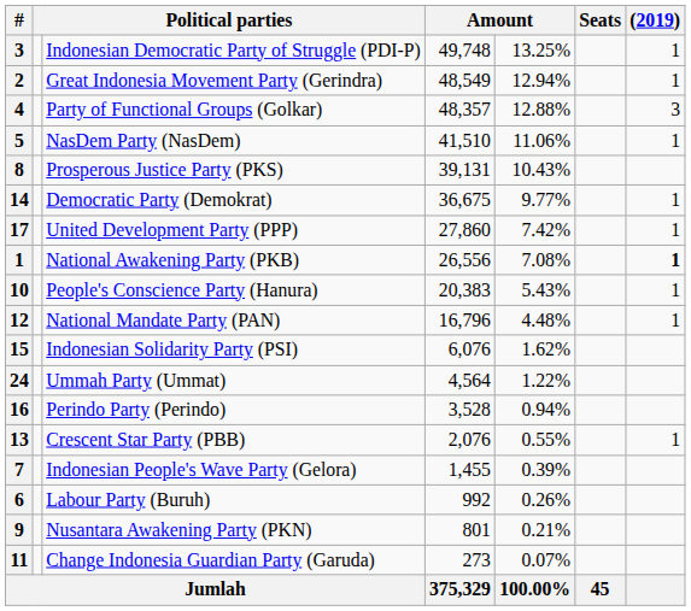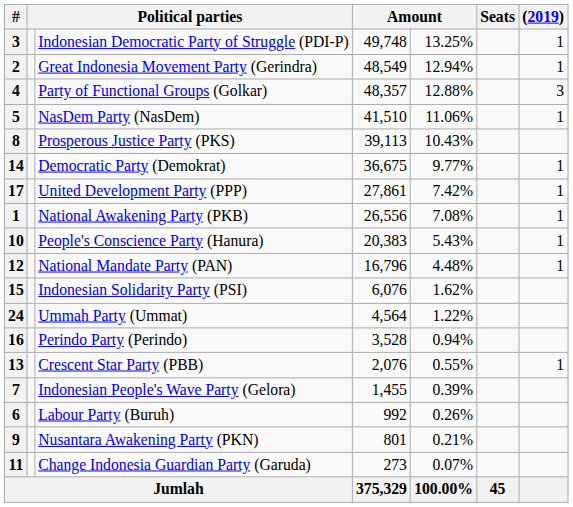 <table class="wikitable sortable">
 <tr>
 <th>#</th>
 <th colspan="2">Political parties</th>
 <th colspan="2">Amount</th>
 <th>Seats</th>
 <th> (<a href='#'>2019</a>)</th>
 </tr>
 <tr>
 <th>3</th>
 <td></td>
 <td><a href='#'>Indonesian Democratic Party of Struggle</a> (PDI-P)</td>
 <td align="right">49,748</td>
 <td align="right">13.25%</td>
 <td></td>
 <td align="right"> 1</td>
 </tr>
 <tr>
 <th>2</th>
 <td></td>
 <td><a href='#'>Great Indonesia Movement Party</a> (Gerindra)</td>
 <td align="right">48,549</td>
 <td align="right">12.94%</td>
 <td></td>
 <td align="right"> 1</td>
 </tr>
 <tr>
 <th>4</th>
 <td></td>
 <td><a href='#'>Party of Functional Groups</a> (Golkar)</td>
 <td align="right">48,357</td>
 <td align="right">12.88%</td>
 <td></td>
 <td align="right"> 3</td>
 </tr>
 <tr>
 <th>5</th>
 <td></td>
 <td><a href='#'>NasDem Party</a> (NasDem)</td>
 <td align="right">41,510</td>
 <td align="right">11.06%</td>
 <td></td>
 <td align="right"> 1</td>
 </tr>
 <tr>
 <th>8</th>
 <td></td>
 <td><a href='#'>Prosperous Justice Party</a> (PKS)</td>
-<td align="right">39,131</td>
+<td align="right">39,113</td>
 <td align="right">10.43%</td>
 <td></td>
 <td align="right"></td>
 </tr>
 <tr>
 <th>14</th>
 <td></td>
 <td><a href='#'>Democratic Party</a> (Demokrat)</td>
 <td align="right">36,675</td>
 <td align="right">9.77%</td>
 <td></td>
 <td align="right"> 1</td>
 </tr>
 <tr>
 <th>17</th>
 <td></td>
 <td><a href='#'>United Development Party</a> (PPP)</td>
-<td align="right">27,860</td>
+<td align="right">27,861</td>
 <td align="right">7.42%</td>
 <td></td>
 <td align="right"> 1</td>
 </tr>
 <tr>
 <th>1</th>
 <td></td>
 <td><a href='#'>National Awakening Party</a> (PKB)</td>
 <td align="right">26,556</td>
 <td align="right">7.08%</td>
 <td></td>
-<td align="right"><strong> 1</strong></td>
+<td align="right"> 1</td>
 </tr>
 <tr>
 <th>10</th>
 <td bgcolor=></td>
 <td><a href='#'>People's Conscience Party</a> (Hanura)</td>
 <td align="right">20,383</td>
 <td align="right">5.43%</td>
 <td></td>
 <td align="right"> 1</td>
 </tr>
 <tr>
 <th>12</th>
 <td></td>
 <td><a href='#'>National Mandate Party</a> (PAN)</td>
 <td align="right">16,796</td>
 <td align="right">4.48%</td>
 <td></td>
 <td align="right"> 1</td>
 </tr>
 <tr>
 <th>15</th>
 <td></td>
 <td><a href='#'>Indonesian Solidarity Party</a> (PSI)</td>
 <td align="right">6,076</td>
 <td align="right">1.62%</td>
 <td></td>
 <td align="right"></td>
 </tr>
 <tr>
 <th>24</th>
 <td></td>
 <td><a href='#'>Ummah Party</a> (Ummat)</td>
 <td align="right">4,564</td>
 <td align="right">1.22%</td>
 <td></td>
 <td align="right"></td>
 </tr>
 <tr>
 <th>16</th>
 <td bgcolor=></td>
 <td><a href='#'>Perindo Party</a> (Perindo)</td>
 <td align="right">3,528</td>
 <td align="right">0.94%</td>
 <td></td>
 <td align="right"></td>
 </tr>
 <tr>
 <th>13</th>
 <td bgcolor=></td>
 <td><a href='#'>Crescent Star Party</a> (PBB)</td>
 <td align="right">2,076</td>
 <td align="right">0.55%</td>
 <td></td>
 <td align="right"> 1</td>
 </tr>
 <tr>
 <th>7</th>
 <td bgcolor=></td>
 <td><a href='#'>Indonesian People's Wave Party</a> (Gelora)</td>
 <td align="right">1,455</td>
 <td align="right">0.39%</td>
 <td></td>
 <td align="right"></td>
 </tr>
 <tr>
 <th>6</th>
 <td bgcolor=></td>
 <td><a href='#'>Labour Party</a> (Buruh)</td>
 <td align="right">992</td>
 <td align="right">0.26%</td>
 <td></td>
 <td align="right"></td>
 </tr>
 <tr>
 <th>9</th>
 <td></td>
 <td><a href='#'>Nusantara Awakening Party</a> (PKN)</td>
 <td align="right">801</td>
 <td align="right">0.21%</td>
 <td></td>
 <td align="right"></td>
 </tr>
 <tr>
 <th>11</th>
 <td></td>
 <td><a href='#'>Change Indonesia Guardian Party</a> (Garuda)</td>
 <td align="right">273</td>
 <td align="right">0.07%</td>
 <td></td>
 <td align="right"></td>
 </tr>
 <tr>
 <th colspan="3">Jumlah</th>
 <th>375,329</th>
 <th>100.00%</th>
 <th>45</th>
 <th></th>
 </tr>
 </table>
